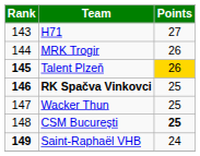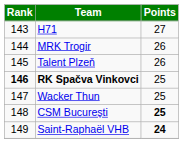 <table class="wikitable" style="text-align: center">
 <tr>
 <th style="color:#FFFFFF; background:#008000">Rank</th>
 <th style="color:#FFFFFF; background:#008000">Team</th>
 <th style="color:#FFFFFF; background:#008000">Points</th>
 </tr>
 <tr>
 <td>143</td>
 <td align=left> <a href='#'>H71</a></td>
 <td>27</td>
 </tr>
 <tr>
 <td>144</td>
 <td align=left> <a href='#'>MRK Trogir</a></td>
 <td>26</td>
 </tr>
 <tr>
-<td><strong>145</strong></td>
+<td>145</td>
 <td align=left> <a href='#'>Talent Plzeň</a></td>
-<td style="background: gold;">26</td>
+<td>26</td>
 </tr>
 <tr>
 <td><strong>146</strong></td>
 <td align=left> <strong>RK Spačva Vinkovci</strong></td>
 <td>25</td>
 </tr>
 <tr>
 <td>147</td>
 <td align=left> <a href='#'>Wacker Thun</a></td>
 <td>25</td>
 </tr>
 <tr>
 <td>148</td>
 <td align=left> <a href='#'>CSM București</a></td>
 <td><strong>25</strong></td>
 </tr>
 <tr>
-<td><strong>149</strong></td>
+<td>149</td>
 <td align=left> <a href='#'>Saint-Raphaël VHB</a></td>
-<td>24</td>
+<td><strong>24</strong></td>
 </tr>
 <tr>
 </tr>
 </table>
